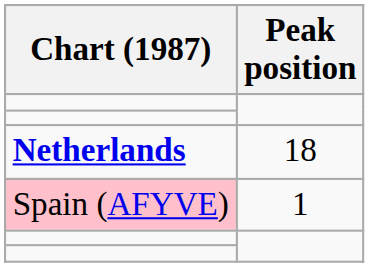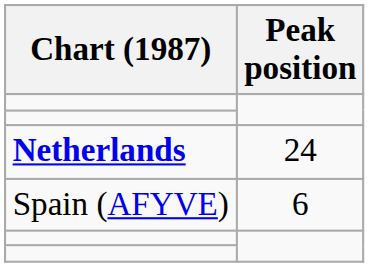 <table class="wikitable sortable">
 <tr>
 <th>Chart (1987)</th>
 <th>Peak<br>position</th>
 </tr>
 <tr>
 <td></td>
 </tr>
 <tr>
 <td></td>
 </tr>
 <tr>
 <td><strong><a href='#'>Netherlands</a></strong></td>
-<td align="center">18</td>
+<td align="center">24</td>
 </tr>
 <tr>
-<td style="background: pink;">Spain (<a href='#'>AFYVE</a>)</td>
-<td align="center">1</td>
+<td>Spain (<a href='#'>AFYVE</a>)</td>
+<td align="center">6</td>
 </tr>
 <tr>
 <td></td>
 </tr>
 <tr>
 <td></td>
 </tr>
 </table>
